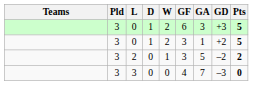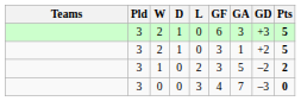 <table class="wikitable" style="text-align: center;">
 <tr>
 <th width=165>Teams</th>
 <th width=20>Pld</th>
+<th width=20>W</th>
+<th width=20>D</th>
 <th width=20>L</th>
-<th width=20>D</th>
-<th width=20>W</th>
 <th width=20>GF</th>
 <th width=20>GA</th>
 <th width=20>GD</th>
 <th width=20>Pts</th>
 </tr>
 <tr align=center style="background:#ccffcc;">
 <td style="text-align:left;"></td>
 <td>3</td>
+<td>2</td>
+<td>1</td>
 <td>0</td>
-<td>1</td>
-<td>2</td>
 <td>6</td>
 <td>3</td>
 <td>+3</td>
 <td><strong>5</strong></td>
 </tr>
 <tr align=center>
 <td style="text-align:left;"></td>
 <td>3</td>
+<td>2</td>
+<td>1</td>
 <td>0</td>
-<td>1</td>
-<td>2</td>
 <td>3</td>
 <td>1</td>
 <td>+2</td>
 <td><strong>5</strong></td>
 </tr>
 <tr align=center>
 <td style="text-align:left;"></td>
 <td>3</td>
+<td>1</td>
+<td>0</td>
 <td>2</td>
-<td>0</td>
-<td>1</td>
 <td>3</td>
 <td>5</td>
 <td>–2</td>
 <td><strong>2</strong></td>
 </tr>
 <tr align=center>
 <td style="text-align:left;"></td>
 <td>3</td>
-<td>3</td>
 <td>0</td>
 <td>0</td>
+<td>3</td>
 <td>4</td>
 <td>7</td>
 <td>–3</td>
 <td><strong>0</strong></td>
 </tr>
 </table>
